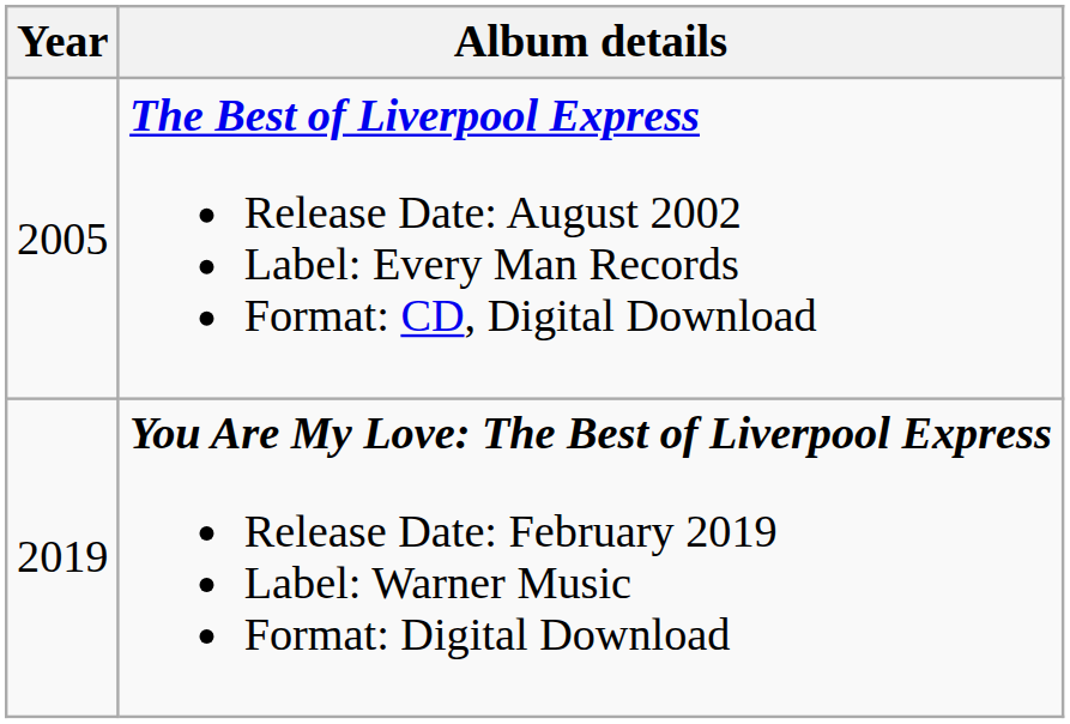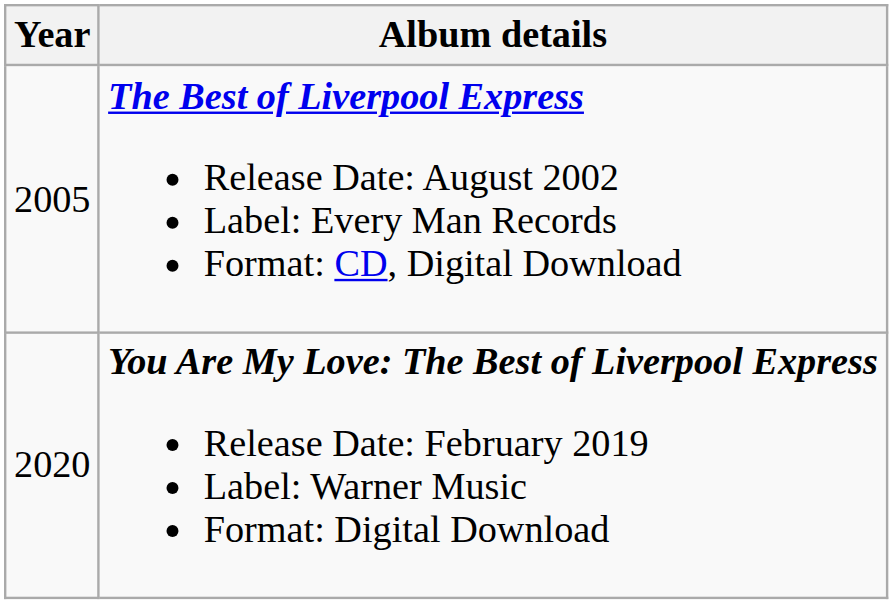 <table class="wikitable">
 <tr>
 <th rowspan="1">Year</th>
 <th rowspan="1">Album details</th>
 </tr>
 <tr>
 <td>2005</td>
 <td><strong><em><a href='#'>The Best of Liverpool Express</a></em></strong><br><ul><li>Release Date: August 2002</li><li>Label: Every Man Records</li><li>Format: <a href='#'>CD</a>, Digital Download</li></ul></td>
 </tr>
 <tr>
-<td>2019</td>
+<td>2020</td>
 <td><strong><em>You Are My Love: The Best of Liverpool Express</em></strong><br><ul><li>Release Date: February 2019</li><li>Label: Warner Music</li><li>Format: Digital Download</li></ul></td>
 </tr>
 </table>
